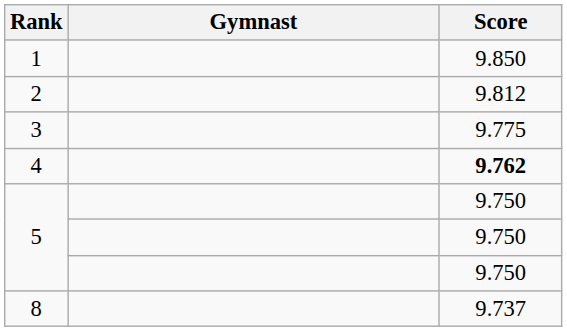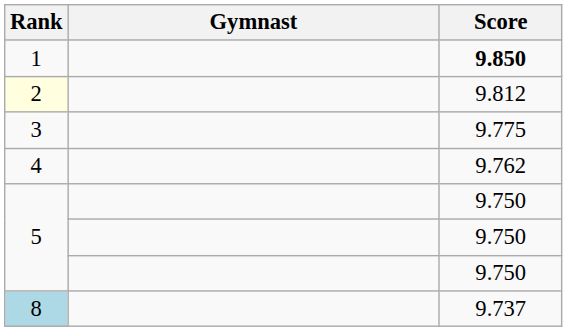 <table class="wikitable" style="text-align:center">
 <tr>
 <th>Rank</th>
 <th style="width:16em">Gymnast</th>
 <th style="width:5em">Score</th>
 </tr>
 <tr>
 <td>1</td>
 <td align=left></td>
-<td>9.850</td>
+<td><strong>9.850</strong></td>
 </tr>
 <tr>
-<td>2</td>
+<td style="background: lightyellow;">2</td>
 <td align=left></td>
 <td>9.812</td>
 </tr>
 <tr>
 <td>3</td>
 <td align=left></td>
 <td>9.775</td>
 </tr>
 <tr>
 <td>4</td>
 <td align=left></td>
-<td><strong>9.762</strong></td>
+<td>9.762</td>
 </tr>
 <tr>
 <td rowspan="3">5</td>
 <td align=left></td>
 <td>9.750</td>
 </tr>
 <tr>
 <td align=left></td>
 <td>9.750</td>
 </tr>
 <tr>
 <td align=left></td>
 <td>9.750</td>
 </tr>
 <tr>
-<td>8</td>
+<td style="background: lightblue;">8</td>
 <td align=left></td>
 <td>9.737</td>
 </tr>
 </table>
